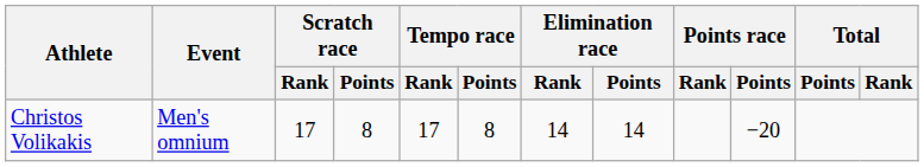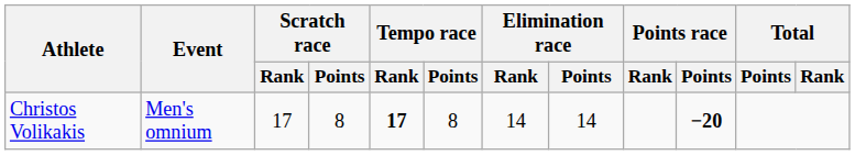 <table class="wikitable" style="font-size:90%">
 <tr>
 <th rowspan="2">Athlete</th>
 <th rowspan="2">Event</th>
 <th colspan=2>Scratch race</th>
 <th colspan=2>Tempo race</th>
 <th colspan=2>Elimination race</th>
 <th colspan=2>Points race</th>
 <th colspan=2>Total</th>
 </tr>
 <tr style="font-size:95%">
 <th>Rank</th>
 <th>Points</th>
 <th>Rank</th>
 <th>Points</th>
 <th>Rank</th>
 <th>Points</th>
 <th>Rank</th>
 <th>Points</th>
 <th>Points</th>
 <th>Rank</th>
 </tr>
 <tr align=center>
 <td align=left><a href='#'>Christos Volikakis</a></td>
 <td align=left><a href='#'>Men's omnium</a></td>
 <td>17</td>
 <td>8</td>
-<td>17</td>
+<td><strong>17</strong></td>
 <td>8</td>
 <td>14</td>
 <td>14</td>
 <td></td>
-<td>−20</td>
+<td><strong>−20</strong></td>
 <td colspan=2></td>
 </tr>
 </table>
